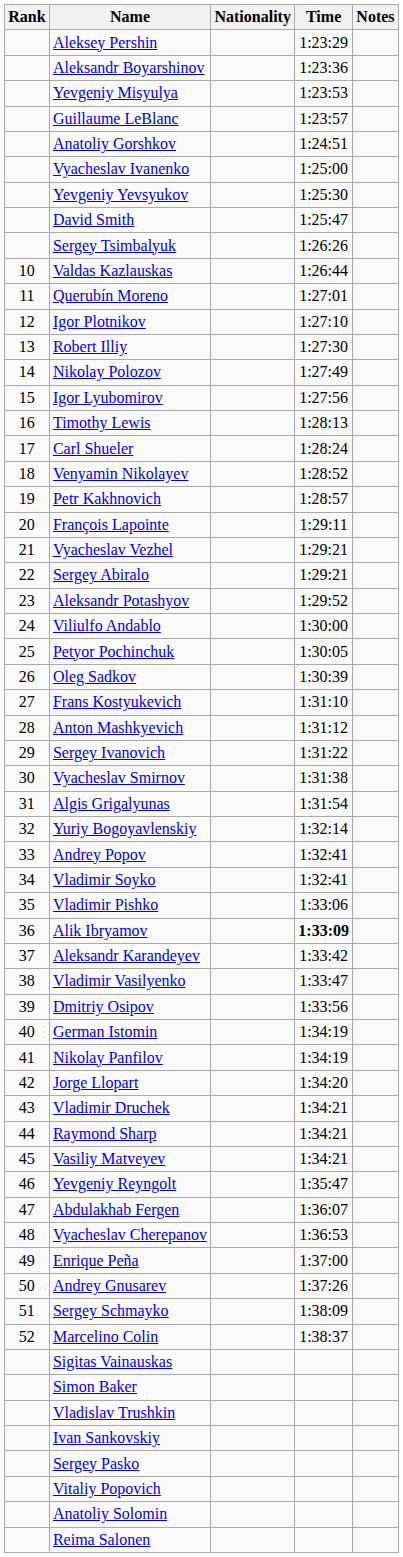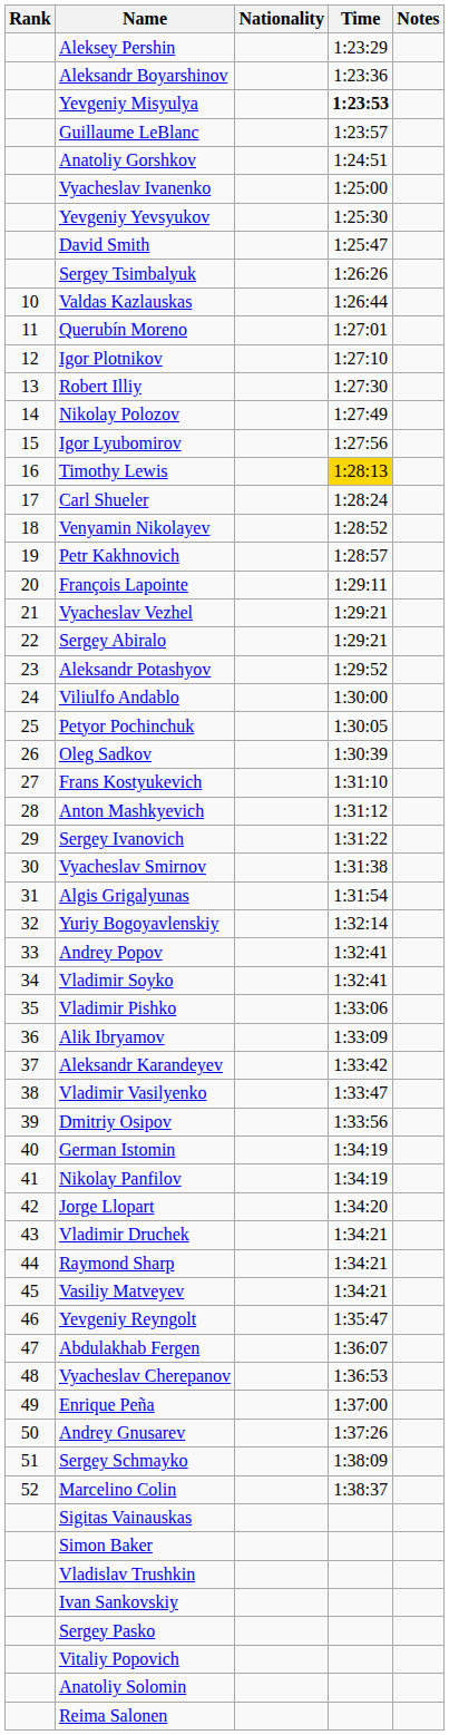 <table class="wikitable sortable" style="text-align:center">
 <tr>
 <th>Rank</th>
 <th>Name</th>
 <th>Nationality</th>
 <th>Time</th>
 <th>Notes</th>
 </tr>
 <tr>
 <td></td>
 <td align=left><a href='#'>Aleksey Pershin</a></td>
 <td align=left></td>
 <td>1:23:29</td>
 <td></td>
 </tr>
 <tr>
 <td></td>
 <td align=left><a href='#'>Aleksandr Boyarshinov</a></td>
 <td align=left></td>
 <td>1:23:36</td>
 <td></td>
 </tr>
 <tr>
 <td></td>
 <td align=left><a href='#'>Yevgeniy Misyulya</a></td>
 <td align=left></td>
-<td>1:23:53</td>
+<td><strong>1:23:53</strong></td>
 <td></td>
 </tr>
 <tr>
 <td></td>
 <td align=left><a href='#'>Guillaume LeBlanc</a></td>
 <td align=left></td>
 <td>1:23:57</td>
 <td></td>
 </tr>
 <tr>
 <td></td>
 <td align=left><a href='#'>Anatoliy Gorshkov</a></td>
 <td align=left></td>
 <td>1:24:51</td>
 <td></td>
 </tr>
 <tr>
 <td></td>
 <td align=left><a href='#'>Vyacheslav Ivanenko</a></td>
 <td align=left></td>
 <td>1:25:00</td>
 <td></td>
 </tr>
 <tr>
 <td></td>
 <td align=left><a href='#'>Yevgeniy Yevsyukov</a></td>
 <td align=left></td>
 <td>1:25:30</td>
 <td></td>
 </tr>
 <tr>
 <td></td>
 <td align=left><a href='#'>David Smith</a></td>
 <td align=left></td>
 <td>1:25:47</td>
 <td></td>
 </tr>
 <tr>
 <td></td>
 <td align=left><a href='#'>Sergey Tsimbalyuk</a></td>
 <td align=left></td>
 <td>1:26:26</td>
 <td></td>
 </tr>
 <tr>
 <td>10</td>
 <td align=left><a href='#'>Valdas Kazlauskas</a></td>
 <td align=left></td>
 <td>1:26:44</td>
 <td></td>
 </tr>
 <tr>
 <td>11</td>
 <td align=left><a href='#'>Querubín Moreno</a></td>
 <td align=left></td>
 <td>1:27:01</td>
 <td></td>
 </tr>
 <tr>
 <td>12</td>
 <td align=left><a href='#'>Igor Plotnikov</a></td>
 <td align=left></td>
 <td>1:27:10</td>
 <td></td>
 </tr>
 <tr>
 <td>13</td>
 <td align=left><a href='#'>Robert Illiy</a></td>
 <td align=left></td>
 <td>1:27:30</td>
 <td></td>
 </tr>
 <tr>
 <td>14</td>
 <td align=left><a href='#'>Nikolay Polozov</a></td>
 <td align=left></td>
 <td>1:27:49</td>
 <td></td>
 </tr>
 <tr>
 <td>15</td>
 <td align=left><a href='#'>Igor Lyubomirov</a></td>
 <td align=left></td>
 <td>1:27:56</td>
 <td></td>
 </tr>
 <tr>
 <td>16</td>
 <td align=left><a href='#'>Timothy Lewis</a></td>
 <td align=left></td>
-<td>1:28:13</td>
+<td style="background: gold;">1:28:13</td>
 <td></td>
 </tr>
 <tr>
 <td>17</td>
 <td align=left><a href='#'>Carl Shueler</a></td>
 <td align=left></td>
 <td>1:28:24</td>
 <td></td>
 </tr>
 <tr>
 <td>18</td>
 <td align=left><a href='#'>Venyamin Nikolayev</a></td>
 <td align=left></td>
 <td>1:28:52</td>
 <td></td>
 </tr>
 <tr>
 <td>19</td>
 <td align=left><a href='#'>Petr Kakhnovich</a></td>
 <td align=left></td>
 <td>1:28:57</td>
 <td></td>
 </tr>
 <tr>
 <td>20</td>
 <td align=left><a href='#'>François Lapointe</a></td>
 <td align=left></td>
 <td>1:29:11</td>
 <td></td>
 </tr>
 <tr>
 <td>21</td>
 <td align=left><a href='#'>Vyacheslav Vezhel</a></td>
 <td align=left></td>
 <td>1:29:21</td>
 <td></td>
 </tr>
 <tr>
 <td>22</td>
 <td align=left><a href='#'>Sergey Abiralo</a></td>
 <td align=left></td>
 <td>1:29:21</td>
 <td></td>
 </tr>
 <tr>
 <td>23</td>
 <td align=left><a href='#'>Aleksandr Potashyov</a></td>
 <td align=left></td>
 <td>1:29:52</td>
 <td></td>
 </tr>
 <tr>
 <td>24</td>
 <td align=left><a href='#'>Viliulfo Andablo</a></td>
 <td align=left></td>
 <td>1:30:00</td>
 <td></td>
 </tr>
 <tr>
 <td>25</td>
 <td align=left><a href='#'>Petyor Pochinchuk</a></td>
 <td align=left></td>
 <td>1:30:05</td>
 <td></td>
 </tr>
 <tr>
 <td>26</td>
 <td align=left><a href='#'>Oleg Sadkov</a></td>
 <td align=left></td>
 <td>1:30:39</td>
 <td></td>
 </tr>
 <tr>
 <td>27</td>
 <td align=left><a href='#'>Frans Kostyukevich</a></td>
 <td align=left></td>
 <td>1:31:10</td>
 <td></td>
 </tr>
 <tr>
 <td>28</td>
 <td align=left><a href='#'>Anton Mashkyevich</a></td>
 <td align=left></td>
 <td>1:31:12</td>
 <td></td>
 </tr>
 <tr>
 <td>29</td>
 <td align=left><a href='#'>Sergey Ivanovich</a></td>
 <td align=left></td>
 <td>1:31:22</td>
 <td></td>
 </tr>
 <tr>
 <td>30</td>
 <td align=left><a href='#'>Vyacheslav Smirnov</a></td>
 <td align=left></td>
 <td>1:31:38</td>
 <td></td>
 </tr>
 <tr>
 <td>31</td>
 <td align=left><a href='#'>Algis Grigalyunas</a></td>
 <td align=left></td>
 <td>1:31:54</td>
 <td></td>
 </tr>
 <tr>
 <td>32</td>
 <td align=left><a href='#'>Yuriy Bogoyavlenskiy</a></td>
 <td align=left></td>
 <td>1:32:14</td>
 <td></td>
 </tr>
 <tr>
 <td>33</td>
 <td align=left><a href='#'>Andrey Popov</a></td>
 <td align=left></td>
 <td>1:32:41</td>
 <td></td>
 </tr>
 <tr>
 <td>34</td>
 <td align=left><a href='#'>Vladimir Soyko</a></td>
 <td align=left></td>
 <td>1:32:41</td>
 <td></td>
 </tr>
 <tr>
 <td>35</td>
 <td align=left><a href='#'>Vladimir Pishko</a></td>
 <td align=left></td>
 <td>1:33:06</td>
 <td></td>
 </tr>
 <tr>
 <td>36</td>
 <td align=left><a href='#'>Alik Ibryamov</a></td>
 <td align=left></td>
-<td><strong>1:33:09</strong></td>
+<td>1:33:09</td>
 <td></td>
 </tr>
 <tr>
 <td>37</td>
 <td align=left><a href='#'>Aleksandr Karandeyev</a></td>
 <td align=left></td>
 <td>1:33:42</td>
 <td></td>
 </tr>
 <tr>
 <td>38</td>
 <td align=left><a href='#'>Vladimir Vasilyenko</a></td>
 <td align=left></td>
 <td>1:33:47</td>
 <td></td>
 </tr>
 <tr>
 <td>39</td>
 <td align=left><a href='#'>Dmitriy Osipov</a></td>
 <td align=left></td>
 <td>1:33:56</td>
 <td></td>
 </tr>
 <tr>
 <td>40</td>
 <td align=left><a href='#'>German Istomin</a></td>
 <td align=left></td>
 <td>1:34:19</td>
 <td></td>
 </tr>
 <tr>
 <td>41</td>
 <td align=left><a href='#'>Nikolay Panfilov</a></td>
 <td align=left></td>
 <td>1:34:19</td>
 <td></td>
 </tr>
 <tr>
 <td>42</td>
 <td align=left><a href='#'>Jorge Llopart</a></td>
 <td align=left></td>
 <td>1:34:20</td>
 <td></td>
 </tr>
 <tr>
 <td>43</td>
 <td align=left><a href='#'>Vladimir Druchek</a></td>
 <td align=left></td>
 <td>1:34:21</td>
 <td></td>
 </tr>
 <tr>
 <td>44</td>
 <td align=left><a href='#'>Raymond Sharp</a></td>
 <td align=left></td>
 <td>1:34:21</td>
 <td></td>
 </tr>
 <tr>
 <td>45</td>
 <td align=left><a href='#'>Vasiliy Matveyev</a></td>
 <td align=left></td>
 <td>1:34:21</td>
 <td></td>
 </tr>
 <tr>
 <td>46</td>
 <td align=left><a href='#'>Yevgeniy Reyngolt</a></td>
 <td align=left></td>
 <td>1:35:47</td>
 <td></td>
 </tr>
 <tr>
 <td>47</td>
 <td align=left><a href='#'>Abdulakhab Fergen</a></td>
 <td align=left></td>
 <td>1:36:07</td>
 <td></td>
 </tr>
 <tr>
 <td>48</td>
 <td align=left><a href='#'>Vyacheslav Cherepanov</a></td>
 <td align=left></td>
 <td>1:36:53</td>
 <td></td>
 </tr>
 <tr>
 <td>49</td>
 <td align=left><a href='#'>Enrique Peña</a></td>
 <td align=left></td>
 <td>1:37:00</td>
 <td></td>
 </tr>
 <tr>
 <td>50</td>
 <td align=left><a href='#'>Andrey Gnusarev</a></td>
 <td align=left></td>
 <td>1:37:26</td>
 <td></td>
 </tr>
 <tr>
 <td>51</td>
 <td align=left><a href='#'>Sergey Schmayko</a></td>
 <td align=left></td>
 <td>1:38:09</td>
 <td></td>
 </tr>
 <tr>
 <td>52</td>
 <td align=left><a href='#'>Marcelino Colin</a></td>
 <td align=left></td>
 <td>1:38:37</td>
 <td></td>
 </tr>
 <tr>
 <td></td>
 <td align=left><a href='#'>Sigitas Vainauskas</a></td>
 <td align=left></td>
 <td></td>
 <td></td>
 </tr>
 <tr>
 <td></td>
 <td align=left><a href='#'>Simon Baker</a></td>
 <td align=left></td>
 <td></td>
 <td></td>
 </tr>
 <tr>
 <td></td>
 <td align=left><a href='#'>Vladislav Trushkin</a></td>
 <td align=left></td>
 <td></td>
 <td></td>
 </tr>
 <tr>
 <td></td>
 <td align=left><a href='#'>Ivan Sankovskiy</a></td>
 <td align=left></td>
 <td></td>
 <td></td>
 </tr>
 <tr>
 <td></td>
 <td align=left><a href='#'>Sergey Pasko</a></td>
 <td align=left></td>
 <td></td>
 <td></td>
 </tr>
 <tr>
 <td></td>
 <td align=left><a href='#'>Vitaliy Popovich</a></td>
 <td align=left></td>
 <td></td>
 <td></td>
 </tr>
 <tr>
 <td></td>
 <td align=left><a href='#'>Anatoliy Solomin</a></td>
 <td align=left></td>
 <td></td>
 <td></td>
 </tr>
 <tr>
 <td></td>
 <td align=left><a href='#'>Reima Salonen</a></td>
 <td align=left></td>
 <td></td>
 <td></td>
 </tr>
 </table>
